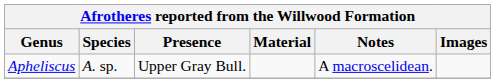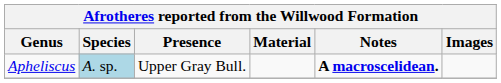 <table class="wikitable" align="center">
 <tr>
 <th colspan="6" align="center"><strong><a href='#'>Afrotheres</a> reported from the Willwood Formation</strong></th>
 </tr>
 <tr>
 <th>Genus</th>
 <th>Species</th>
 <th>Presence</th>
 <th><strong>Material</strong></th>
 <th>Notes</th>
 <th>Images</th>
 </tr>
 <tr>
 <td><em><a href='#'>Apheliscus</a></em></td>
-<td><em>A.</em> sp.</td>
+<td style="background: lightblue;"><em>A.</em> sp.</td>
 <td>Upper Gray Bull.</td>
 <td></td>
-<td>A <a href='#'>macroscelidean</a>.</td>
+<td><strong>A <a href='#'>macroscelidean</a>.</strong></td>
 <td></td>
 </tr>
 <tr>
 </tr>
 </table>
